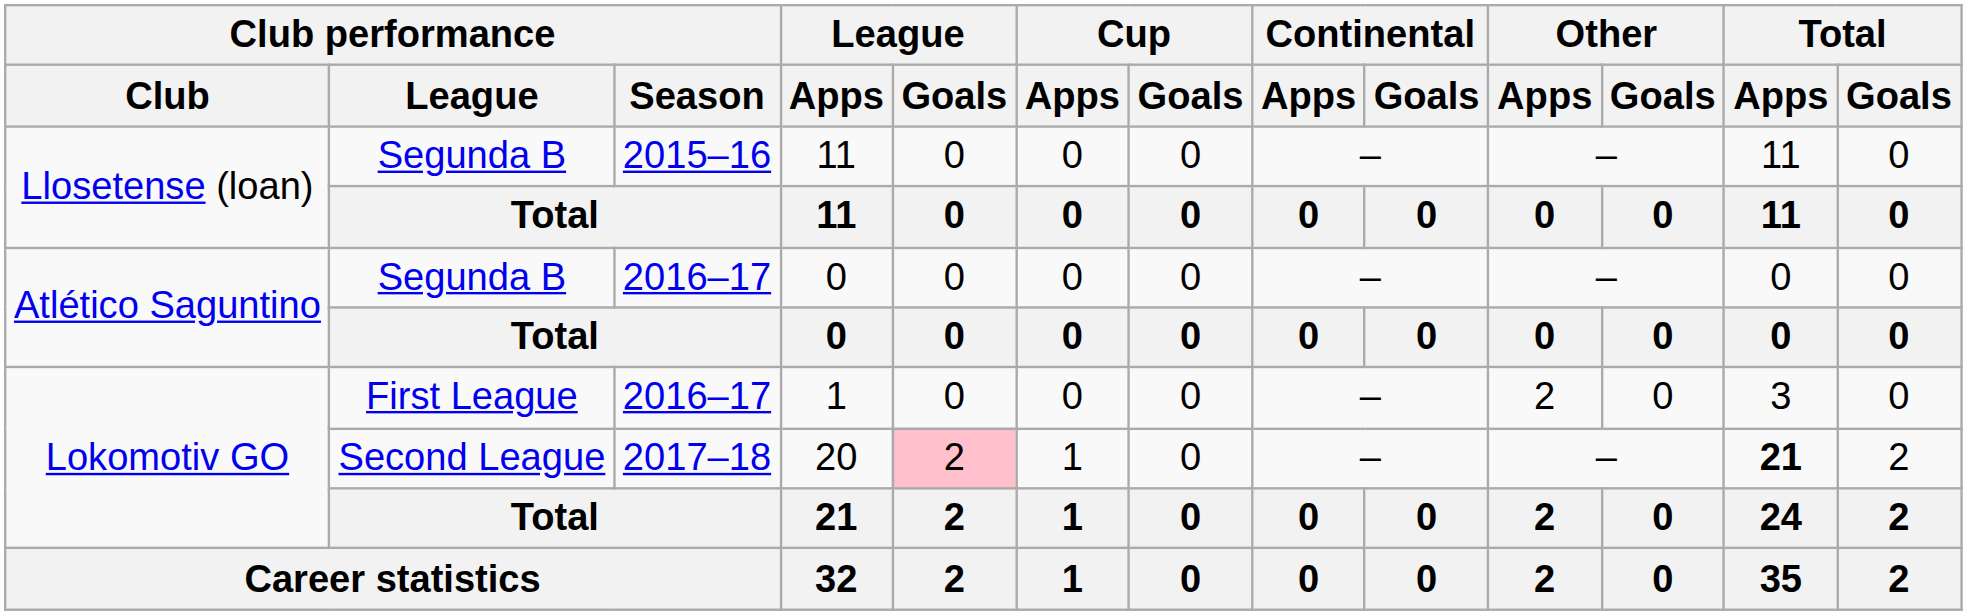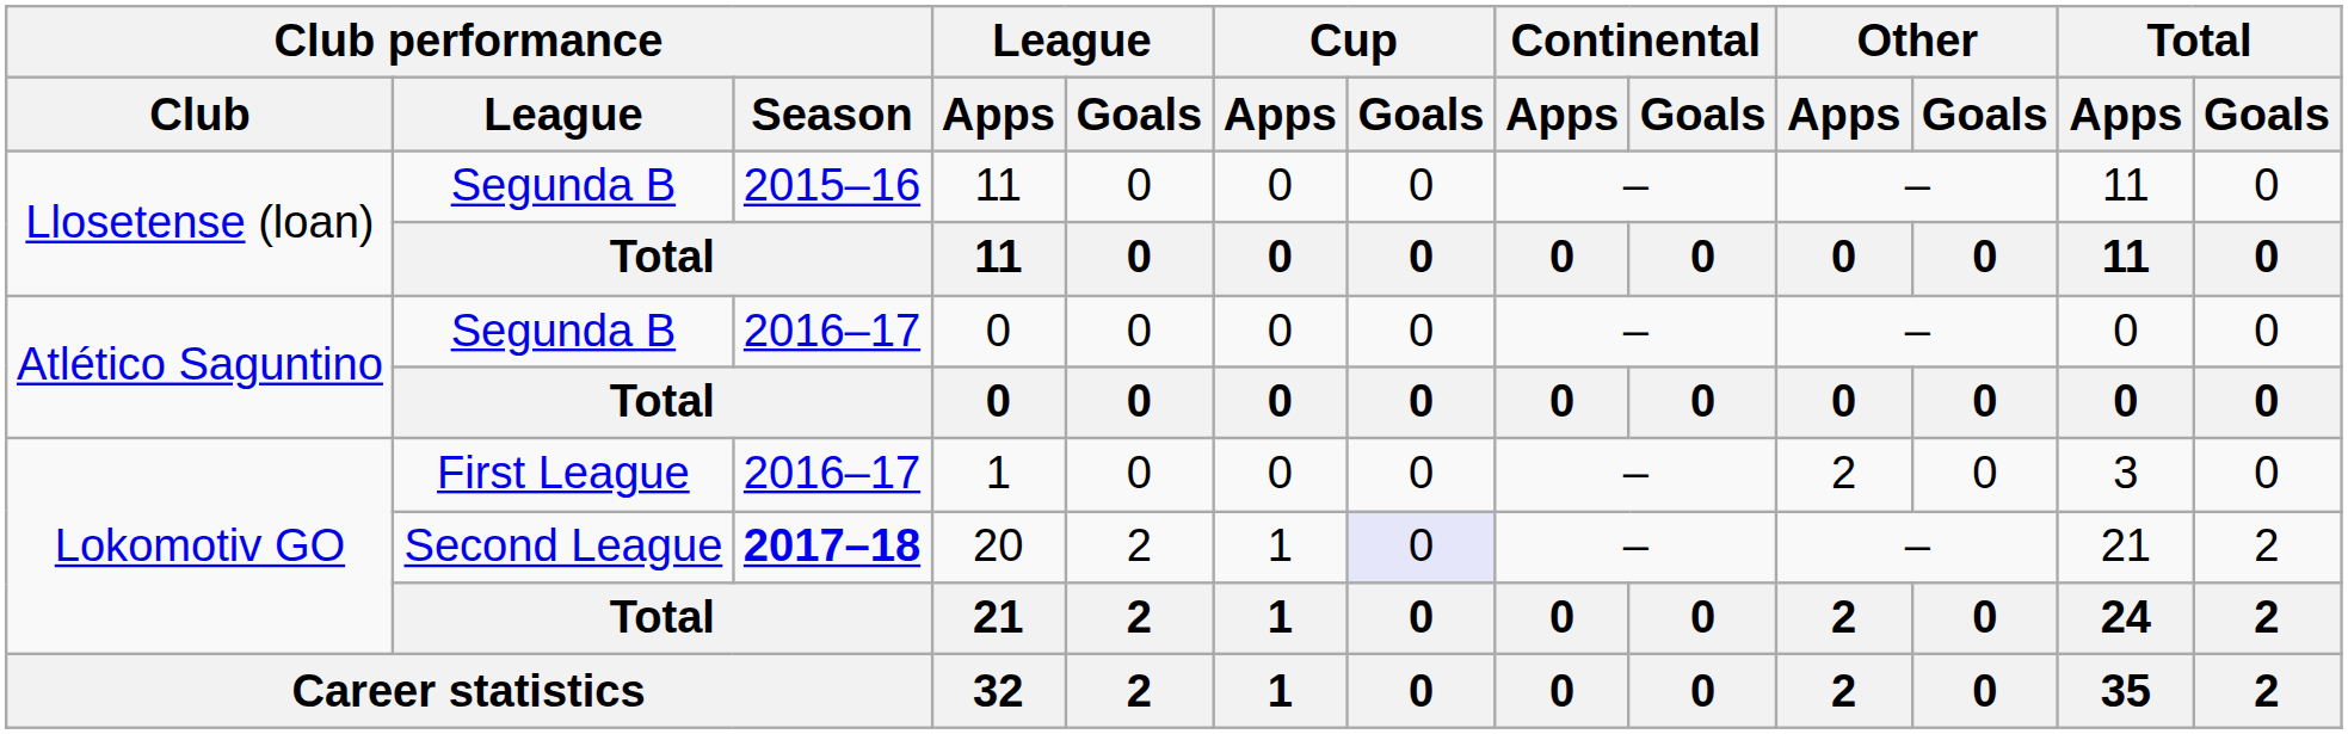 <table class="wikitable" style="text-align: center">
 <tr>
 <th Colspan="3">Club performance</th>
 <th Colspan="2">League</th>
 <th Colspan="2">Cup</th>
 <th Colspan="2">Continental</th>
 <th Colspan="2">Other</th>
 <th Colspan="3">Total</th>
 </tr>
 <tr>
 <th>Club</th>
 <th>League</th>
 <th>Season</th>
 <th>Apps</th>
 <th>Goals</th>
 <th>Apps</th>
 <th>Goals</th>
 <th>Apps</th>
 <th>Goals</th>
 <th>Apps</th>
 <th>Goals</th>
 <th>Apps</th>
 <th>Goals</th>
 </tr>
 <tr>
 <td rowspan="2" valign="center"><a href='#'>Llosetense</a> (loan)</td>
 <td rowspan="1"><a href='#'>Segunda B</a></td>
 <td><a href='#'>2015–16</a></td>
 <td>11</td>
 <td>0</td>
 <td>0</td>
 <td>0</td>
 <td colspan="2">–</td>
 <td colspan="2">–</td>
 <td>11</td>
 <td>0</td>
 </tr>
 <tr>
 <th colspan=2>Total</th>
 <th>11</th>
 <th>0</th>
 <th>0</th>
 <th>0</th>
 <th>0</th>
 <th>0</th>
 <th>0</th>
 <th>0</th>
 <th>11</th>
 <th>0</th>
 </tr>
 <tr>
 <td rowspan="2" valign="center"><a href='#'>Atlético Saguntino</a></td>
 <td rowspan="1"><a href='#'>Segunda B</a></td>
 <td><a href='#'>2016–17</a></td>
 <td>0</td>
 <td>0</td>
 <td>0</td>
 <td>0</td>
 <td colspan="2">–</td>
 <td colspan="2">–</td>
 <td>0</td>
 <td>0</td>
 </tr>
 <tr>
 <th colspan=2>Total</th>
 <th>0</th>
 <th>0</th>
 <th>0</th>
 <th>0</th>
 <th>0</th>
 <th>0</th>
 <th>0</th>
 <th>0</th>
 <th>0</th>
 <th>0</th>
 </tr>
 <tr>
 <td rowspan="3" valign="center"><a href='#'>Lokomotiv GO</a></td>
 <td rowspan="1"><a href='#'>First League</a></td>
 <td><a href='#'>2016–17</a></td>
 <td>1</td>
 <td>0</td>
 <td>0</td>
 <td>0</td>
 <td colspan="2">–</td>
 <td>2</td>
 <td>0</td>
 <td>3</td>
 <td>0</td>
 </tr>
 <tr>
 <td rowspan="1"><a href='#'>Second League</a></td>
-<td><a href='#'>2017–18</a></td>
+<td><strong><a href='#'>2017–18</a></strong></td>
 <td>20</td>
-<td style="background: pink;">2</td>
+<td>2</td>
 <td>1</td>
-<td>0</td>
+<td style="background: lavender;">0</td>
 <td colspan="2">–</td>
 <td colspan="2">–</td>
-<td><strong>21</strong></td>
+<td>21</td>
 <td>2</td>
 </tr>
 <tr>
 <th colspan=2>Total</th>
 <th>21</th>
 <th>2</th>
 <th>1</th>
 <th>0</th>
 <th>0</th>
 <th>0</th>
 <th>2</th>
 <th>0</th>
 <th>24</th>
 <th>2</th>
 </tr>
 <tr>
 <th colspan="3">Career statistics</th>
 <th>32</th>
 <th>2</th>
 <th>1</th>
 <th>0</th>
 <th>0</th>
 <th>0</th>
 <th>2</th>
 <th>0</th>
 <th>35</th>
 <th>2</th>
 </tr>
 </table>
